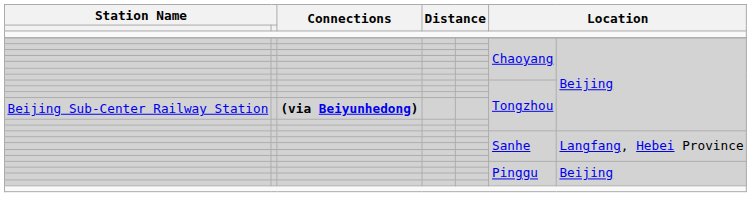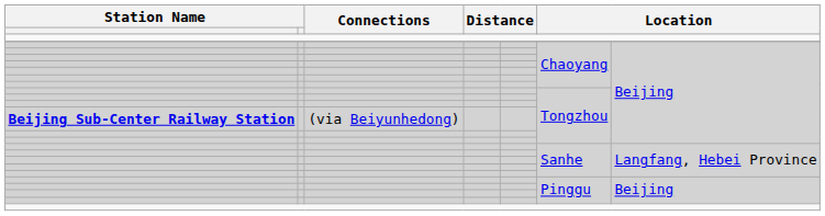 <table class=wikitable>
 <tr>
 <th colspan=2>Station Name</th>
 <th rowspan=2>Connections</th>
 <th colspan=2 rowspan=2>Distance<br></th>
 <th colspan=2 rowspan=2>Location</th>
 </tr>
 <tr>
 <th></th>
 <th></th>
 </tr>
 <tr style=background:#>
 <td colspan=7></td>
 </tr>
 <tr>
 </tr>
 <tr bgcolor=lightgrey>
 <td></td>
 <td></td>
 <td>  </td>
 <td></td>
 <td></td>
 <td rowspan=7><a href='#'>Chaoyang</a></td>
 <td rowspan=13><a href='#'>Beijing</a></td>
 </tr>
 <tr bgcolor=lightgrey>
 <td></td>
 <td></td>
 <td> </td>
 <td></td>
 <td></td>
 </tr>
 <tr bgcolor=lightgrey>
 <td></td>
 <td></td>
 <td> </td>
 <td></td>
 <td></td>
 </tr>
 <tr bgcolor=lightgrey>
 <td></td>
 <td></td>
 <td></td>
 <td></td>
 <td></td>
 </tr>
 <tr bgcolor=lightgrey>
 <td></td>
 <td></td>
 <td></td>
 <td></td>
 <td></td>
 </tr>
 <tr bgcolor=lightgrey>
 <td></td>
 <td></td>
 <td></td>
 <td></td>
 <td></td>
 </tr>
 <tr bgcolor=lightgrey>
 <td></td>
 <td></td>
 <td> </td>
 <td></td>
 <td></td>
 </tr>
 <tr bgcolor=lightgrey>
 <td></td>
 <td></td>
 <td></td>
 <td></td>
 <td></td>
 <td rowspan=6><a href='#'>Tongzhou</a></td>
 </tr>
 <tr bgcolor=lightgrey>
 <td></td>
 <td></td>
 <td></td>
 <td></td>
 <td></td>
 </tr>
 <tr bgcolor=lightgrey>
 <td></td>
 <td></td>
 <td></td>
 <td></td>
 <td></td>
 </tr>
 <tr bgcolor=lightgrey>
-<td><a href='#'>Beijing Sub-Center Railway Station</a></td>
+<td><strong><a href='#'>Beijing Sub-Center Railway Station</a></strong></td>
 <td></td>
-<td><strong>  (via <a href='#'>Beiyunhedong</a>)</strong></td>
+<td>  (via <a href='#'>Beiyunhedong</a>)</td>
 <td></td>
 <td></td>
 </tr>
 <tr bgcolor=lightgrey>
 <td></td>
 <td></td>
 <td></td>
 <td></td>
 <td></td>
 </tr>
 <tr bgcolor=lightgrey>
 <td></td>
 <td></td>
 <td></td>
 <td></td>
 <td></td>
 </tr>
 <tr bgcolor=lightgrey>
 <td></td>
 <td></td>
 <td></td>
 <td></td>
 <td></td>
 <td rowspan=5><a href='#'>Sanhe</a></td>
 <td rowspan=5><a href='#'>Langfang</a>, <a href='#'>Hebei</a> Province</td>
 </tr>
 <tr bgcolor=lightgrey>
 <td></td>
 <td></td>
 <td></td>
 <td></td>
 <td></td>
 </tr>
 <tr bgcolor=lightgrey>
 <td></td>
 <td></td>
 <td></td>
 <td></td>
 <td></td>
 </tr>
 <tr bgcolor=lightgrey>
 <td></td>
 <td></td>
 <td></td>
 <td></td>
 <td></td>
 </tr>
 <tr bgcolor=lightgrey>
 <td></td>
 <td></td>
 <td></td>
 <td></td>
 <td></td>
 </tr>
 <tr bgcolor=lightgrey>
 <td></td>
 <td></td>
 <td></td>
 <td></td>
 <td></td>
 <td rowspan=4><a href='#'>Pinggu</a></td>
 <td rowspan=4><a href='#'>Beijing</a></td>
 </tr>
 <tr bgcolor=lightgrey>
 <td></td>
 <td></td>
 <td></td>
 <td></td>
 <td></td>
 </tr>
 <tr bgcolor=lightgrey>
 <td></td>
 <td></td>
 <td></td>
 <td></td>
 <td></td>
 </tr>
 <tr bgcolor=lightgrey>
 <td></td>
 <td></td>
 <td></td>
 <td></td>
 <td></td>
 </tr>
 <tr style=background:#>
 <td colspan=7></td>
 </tr>
 </table>
